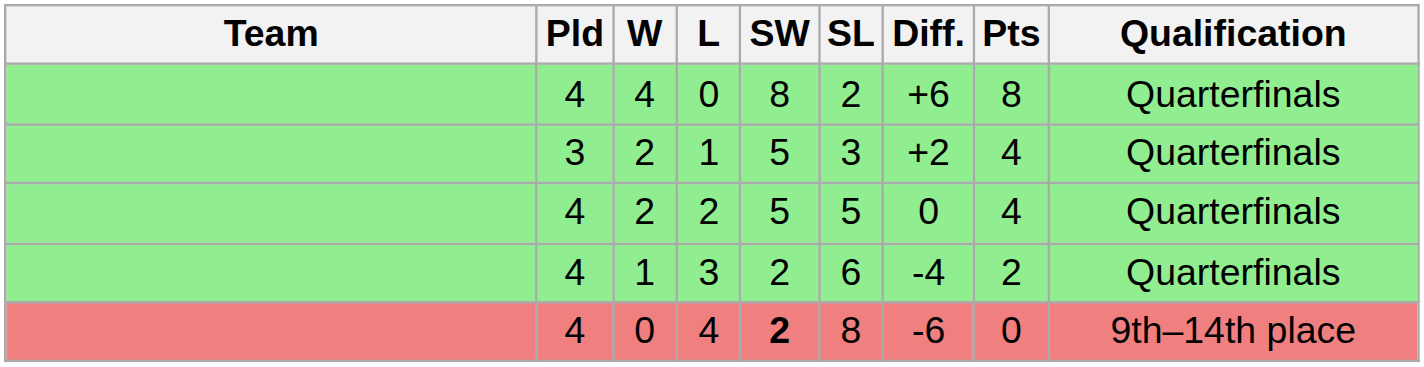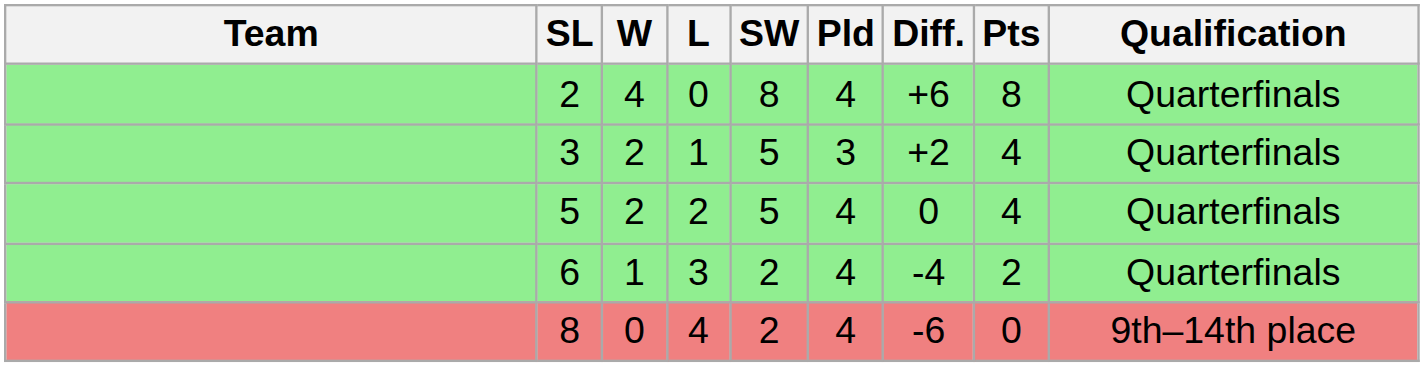 <table class=wikitable style="text-align:center">
 <tr>
 <th width=220>Team</th>
-<th width=20>Pld</th>
+<th width=20>SL</th>
 <th width=20>W</th>
 <th width=20>L</th>
 <th width=20>SW</th>
-<th width=20>SL</th>
+<th width=20>Pld</th>
 <th width=20>Diff.</th>
 <th width=20>Pts</th>
 <th width=150>Qualification</th>
 </tr>
 <tr bgcolor=90EE90>
 <td align=left></td>
-<td>4</td>
+<td>2</td>
 <td>4</td>
 <td>0</td>
 <td>8</td>
-<td>2</td>
+<td>4</td>
 <td>+6</td>
 <td>8</td>
 <td>Quarterfinals</td>
 </tr>
 <tr bgcolor=90EE90>
 <td align=left></td>
 <td>3</td>
 <td>2</td>
 <td>1</td>
 <td>5</td>
 <td>3</td>
 <td>+2</td>
 <td>4</td>
 <td>Quarterfinals</td>
 </tr>
 <tr bgcolor=90EE90>
 <td align=left></td>
-<td>4</td>
+<td>5</td>
 <td>2</td>
 <td>2</td>
 <td>5</td>
-<td>5</td>
+<td>4</td>
 <td>0</td>
 <td>4</td>
 <td>Quarterfinals</td>
 </tr>
 <tr bgcolor=90EE90>
 <td align=left></td>
-<td>4</td>
+<td>6</td>
 <td>1</td>
 <td>3</td>
 <td>2</td>
-<td>6</td>
+<td>4</td>
 <td>-4</td>
 <td>2</td>
 <td>Quarterfinals</td>
 </tr>
 <tr bgcolor=F08080>
 <td align=left></td>
-<td>4</td>
+<td>8</td>
 <td>0</td>
 <td>4</td>
-<td><strong>2</strong></td>
-<td>8</td>
+<td>2</td>
+<td>4</td>
 <td>-6</td>
 <td>0</td>
 <td>9th–14th place</td>
 </tr>
 </table>
